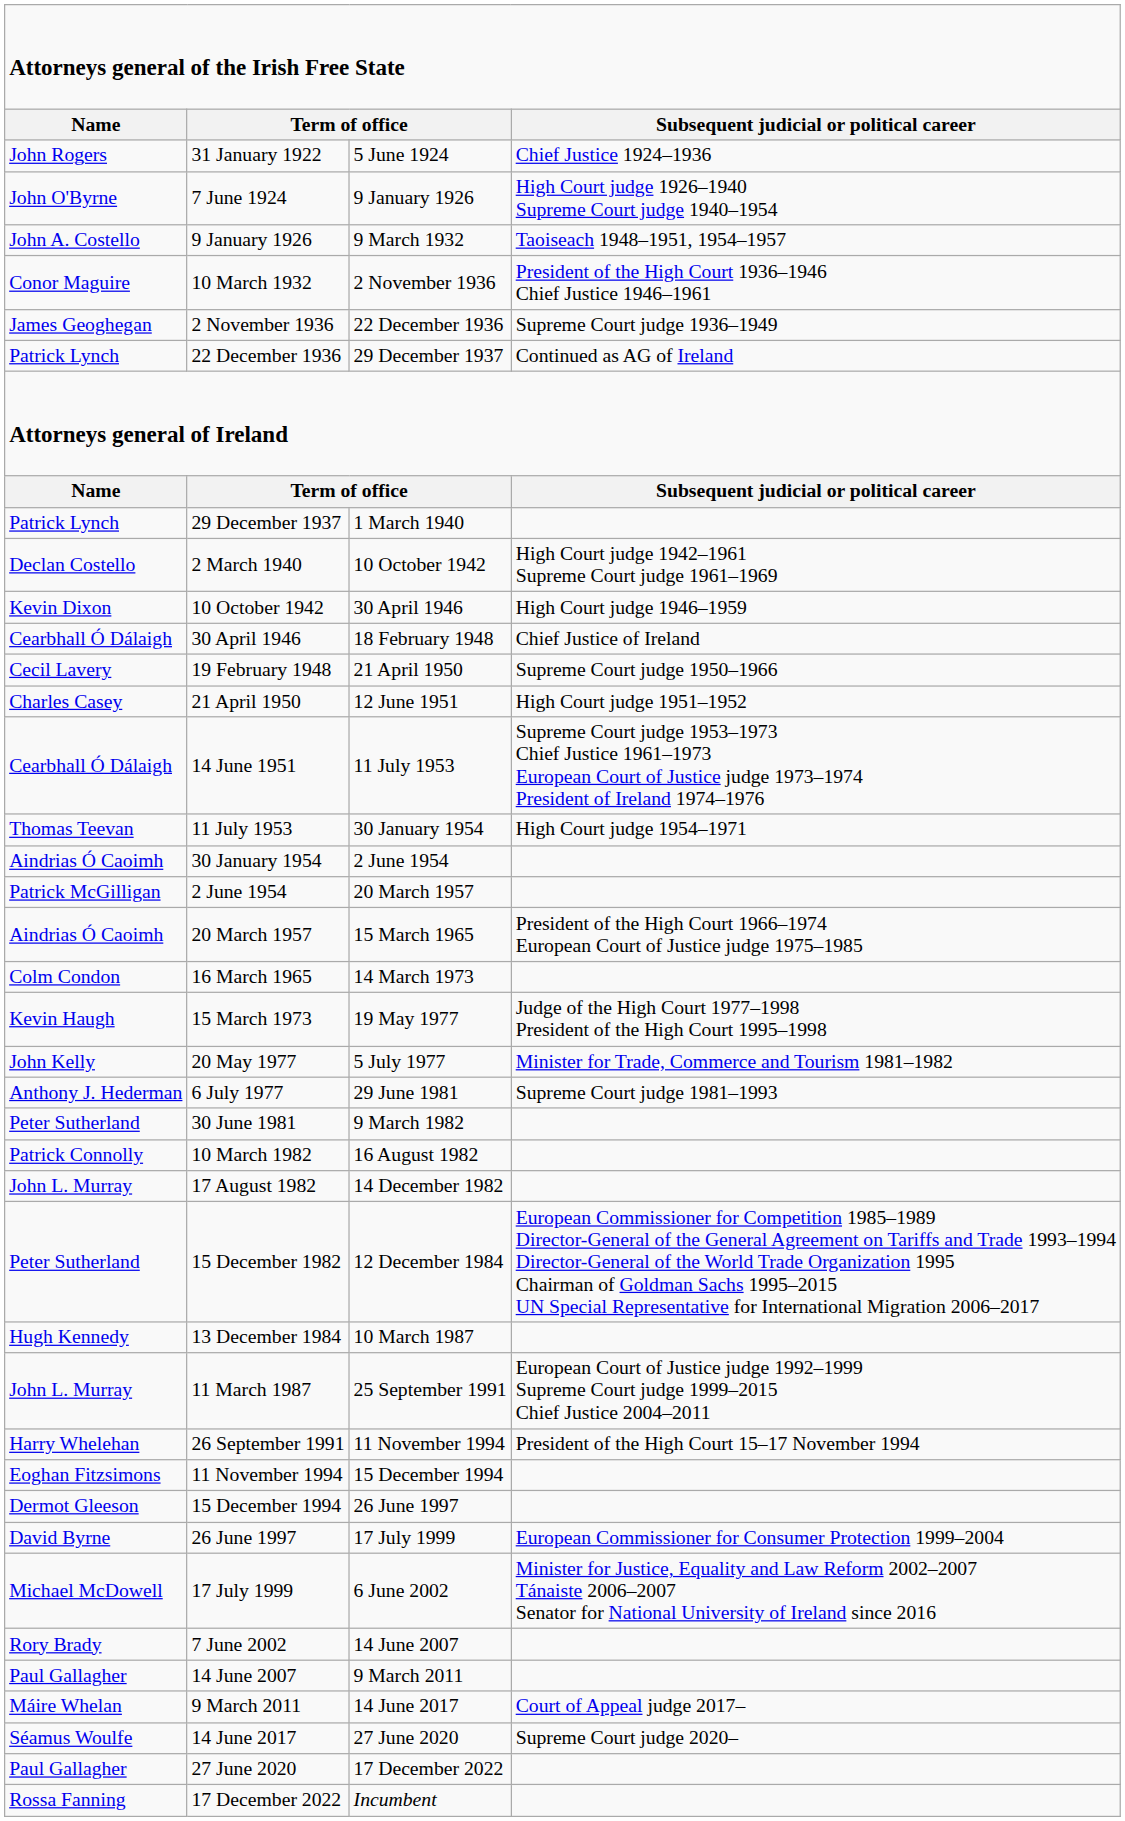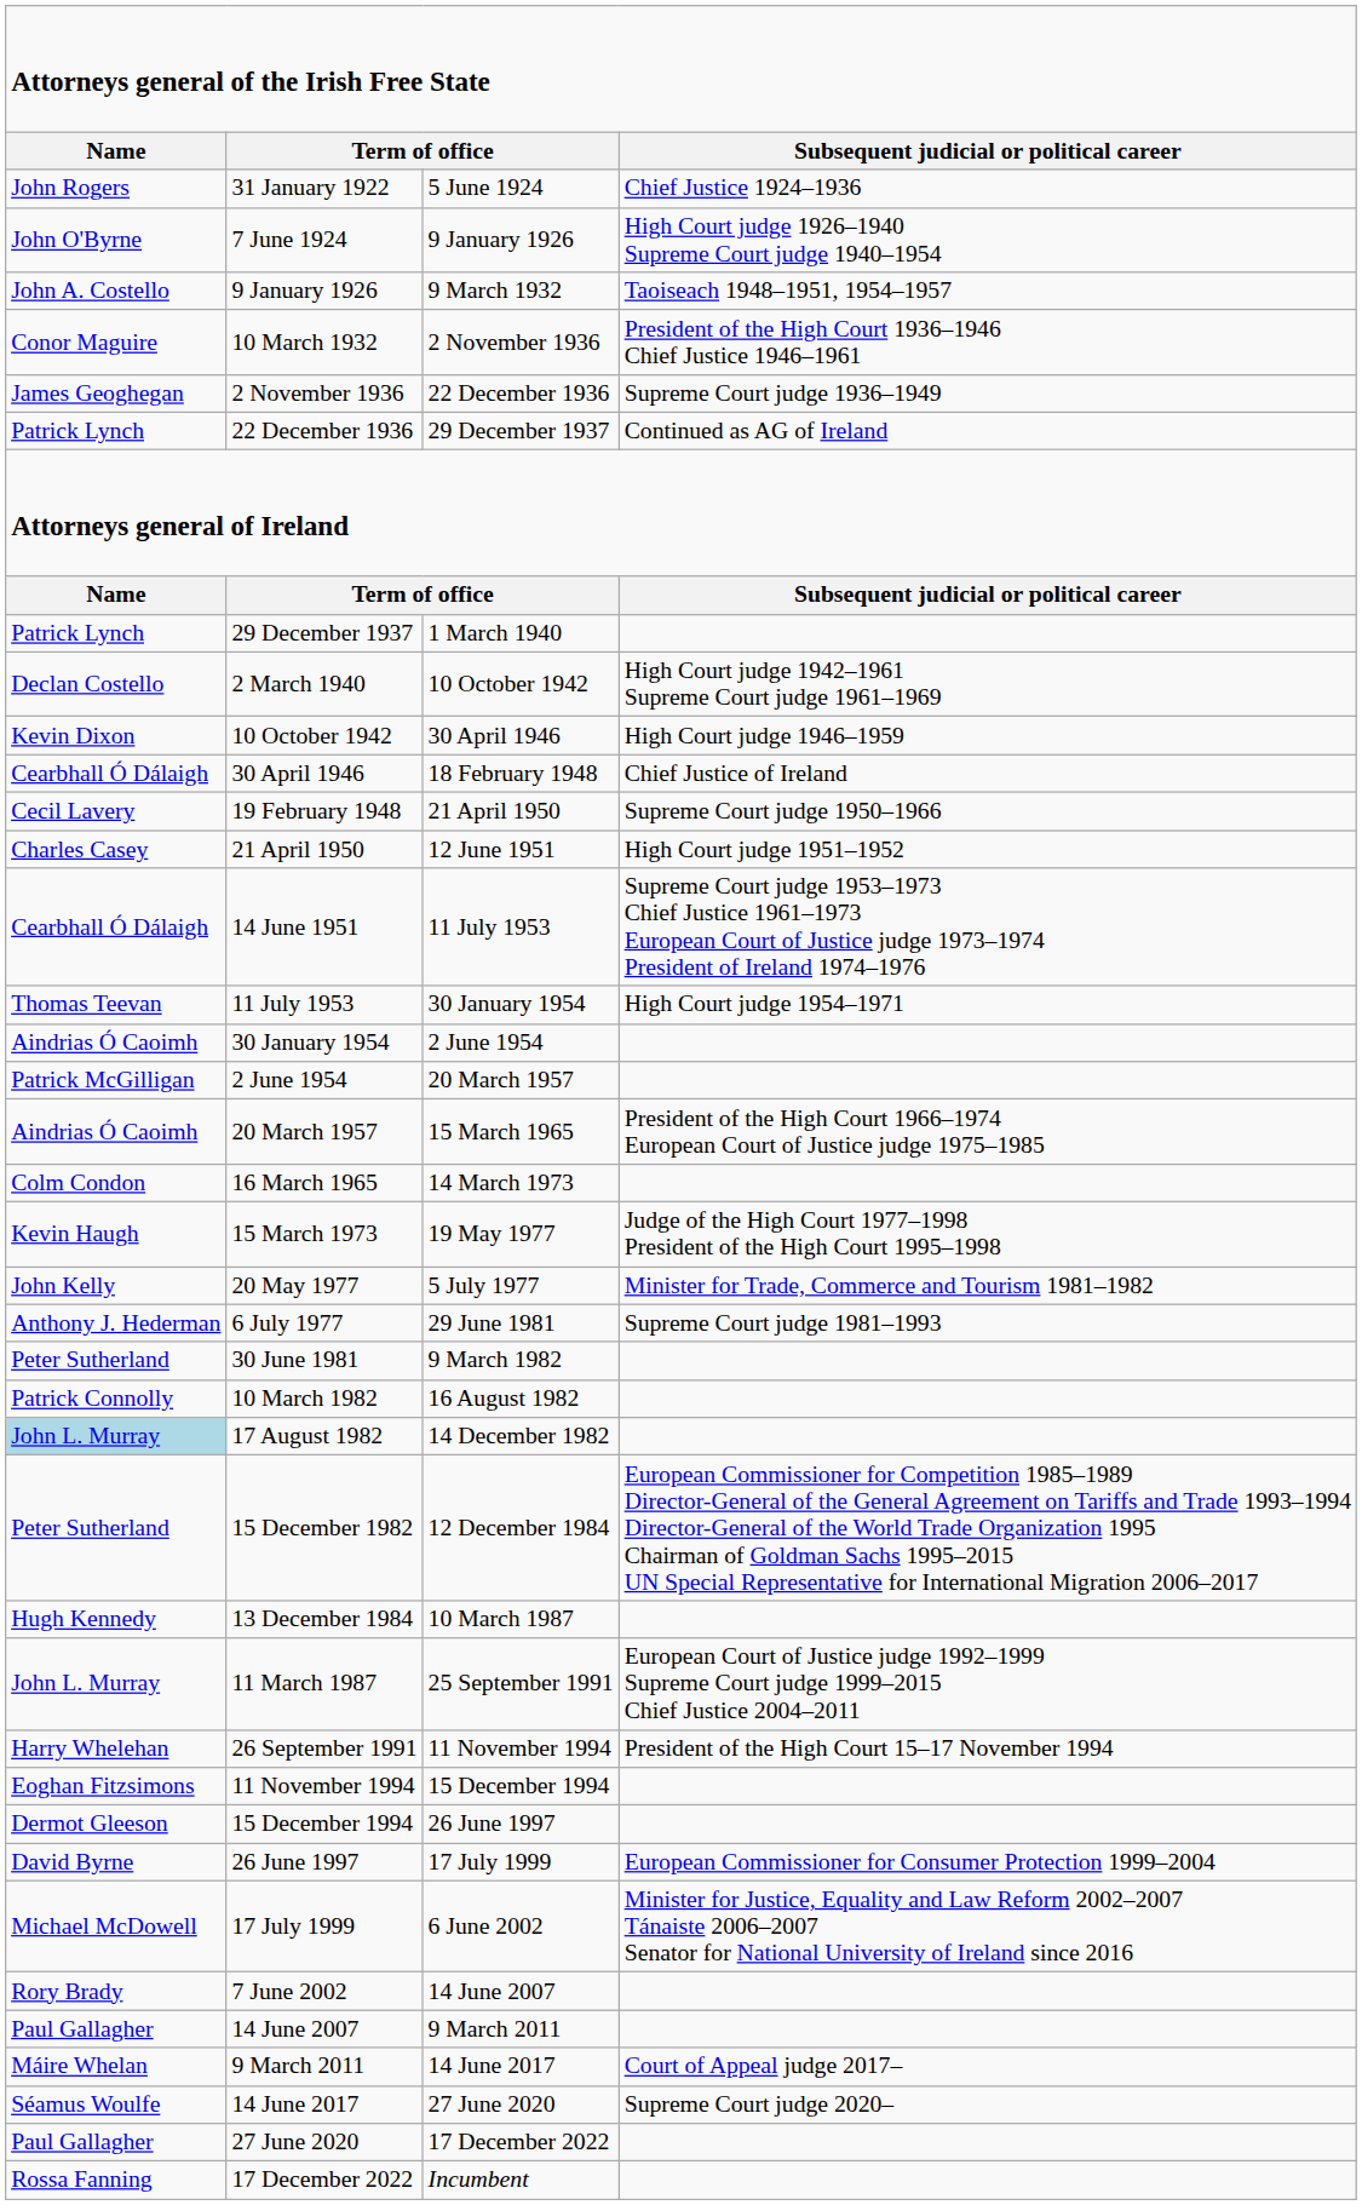 <table class ="wikitable">
 <tr>
 <td colspan=5><br><h3>Attorneys general of the Irish Free State</h3></td>
 </tr>
 <tr>
 <th>Name</th>
 <th colspan=2>Term of office</th>
 <th>Subsequent judicial or political career</th>
 </tr>
 <tr>
 <td><a href='#'>John Rogers</a></td>
 <td>31 January 1922</td>
 <td>5 June 1924</td>
 <td><a href='#'>Chief Justice</a> 1924–1936</td>
 </tr>
 <tr>
 <td><a href='#'>John O'Byrne</a></td>
 <td>7 June 1924</td>
 <td>9 January 1926</td>
 <td><a href='#'>High Court judge</a> 1926–1940<br><a href='#'>Supreme Court judge</a> 1940–1954</td>
 </tr>
 <tr>
 <td><a href='#'>John A. Costello</a></td>
 <td>9 January 1926</td>
 <td>9 March 1932</td>
 <td><a href='#'>Taoiseach</a> 1948–1951, 1954–1957</td>
 </tr>
 <tr>
 <td><a href='#'>Conor Maguire</a><br></td>
 <td>10 March 1932</td>
 <td>2 November 1936</td>
 <td><a href='#'>President of the High Court</a> 1936–1946<br>Chief Justice 1946–1961</td>
 </tr>
 <tr>
 <td><a href='#'>James Geoghegan</a><br></td>
 <td>2 November 1936</td>
 <td>22 December 1936</td>
 <td>Supreme Court judge 1936–1949</td>
 </tr>
 <tr>
 <td><a href='#'>Patrick Lynch</a></td>
 <td>22 December 1936</td>
 <td>29 December 1937</td>
 <td>Continued as AG of <a href='#'>Ireland</a></td>
 </tr>
 <tr>
 <td colspan=5><br><h3>Attorneys general of Ireland</h3></td>
 </tr>
 <tr>
 <th>Name</th>
 <th colspan=2>Term of office</th>
 <th>Subsequent judicial or political career</th>
 </tr>
 <tr>
 <td><a href='#'>Patrick Lynch</a></td>
 <td>29 December 1937</td>
 <td>1 March 1940</td>
 <td></td>
 </tr>
 <tr>
 <td><a href='#'>Declan Costello</a><br></td>
 <td>2 March 1940</td>
 <td>10 October 1942</td>
 <td>High Court judge 1942–1961<br>Supreme Court judge 1961–1969</td>
 </tr>
 <tr>
 <td><a href='#'>Kevin Dixon</a></td>
 <td>10 October 1942</td>
 <td>30 April 1946</td>
 <td>High Court judge 1946–1959</td>
 </tr>
 <tr>
 <td><a href='#'>Cearbhall Ó Dálaigh</a></td>
 <td>30 April 1946</td>
 <td>18 February 1948</td>
 <td>Chief Justice of Ireland</td>
 </tr>
 <tr>
 <td><a href='#'>Cecil Lavery</a><br></td>
 <td>19 February 1948</td>
 <td>21 April 1950</td>
 <td>Supreme Court judge 1950–1966</td>
 </tr>
 <tr>
 <td><a href='#'>Charles Casey</a></td>
 <td>21 April 1950</td>
 <td>12 June 1951</td>
 <td>High Court judge 1951–1952</td>
 </tr>
 <tr>
 <td><a href='#'>Cearbhall Ó Dálaigh</a><br></td>
 <td>14 June 1951</td>
 <td>11 July 1953</td>
 <td>Supreme Court judge 1953–1973<br>Chief Justice 1961–1973<br><a href='#'>European Court of Justice</a> judge 1973–1974<br><a href='#'>President of Ireland</a> 1974–1976</td>
 </tr>
 <tr>
 <td><a href='#'>Thomas Teevan</a></td>
 <td>11 July 1953</td>
 <td>30 January 1954</td>
 <td>High Court judge 1954–1971</td>
 </tr>
 <tr>
 <td><a href='#'>Aindrias Ó Caoimh</a></td>
 <td>30 January 1954</td>
 <td>2 June 1954</td>
 <td></td>
 </tr>
 <tr>
 <td><a href='#'>Patrick McGilligan</a><br></td>
 <td>2 June 1954</td>
 <td>20 March 1957</td>
 <td></td>
 </tr>
 <tr>
 <td><a href='#'>Aindrias Ó Caoimh</a><br></td>
 <td>20 March 1957</td>
 <td>15 March 1965</td>
 <td>President of the High Court 1966–1974<br>European Court of Justice judge 1975–1985</td>
 </tr>
 <tr>
 <td><a href='#'>Colm Condon</a></td>
 <td>16 March 1965</td>
 <td>14 March 1973</td>
 <td></td>
 </tr>
 <tr>
 <td><a href='#'>Kevin Haugh</a></td>
 <td>15 March 1973</td>
 <td>19 May 1977</td>
 <td>Judge of the High Court 1977–1998<br>President of the High Court 1995–1998</td>
 </tr>
 <tr>
 <td><a href='#'>John Kelly</a><br></td>
 <td>20 May 1977</td>
 <td>5 July 1977</td>
 <td><a href='#'>Minister for Trade, Commerce and Tourism</a> 1981–1982</td>
 </tr>
 <tr>
 <td><a href='#'>Anthony J. Hederman</a></td>
 <td>6 July 1977</td>
 <td>29 June 1981</td>
 <td>Supreme Court judge 1981–1993</td>
 </tr>
 <tr>
 <td><a href='#'>Peter Sutherland</a></td>
 <td>30 June 1981</td>
 <td>9 March 1982</td>
 <td></td>
 </tr>
 <tr>
 <td><a href='#'>Patrick Connolly</a></td>
 <td>10 March 1982</td>
 <td>16 August 1982</td>
 <td></td>
 </tr>
 <tr>
-<td><a href='#'>John L. Murray</a></td>
+<td style="background: lightblue;"><a href='#'>John L. Murray</a></td>
 <td>17 August 1982</td>
 <td>14 December 1982</td>
 <td></td>
 </tr>
 <tr>
 <td><a href='#'>Peter Sutherland</a><br></td>
 <td>15 December 1982</td>
 <td>12 December 1984</td>
 <td><a href='#'>European Commissioner for Competition</a> 1985–1989<br><a href='#'>Director-General of the General Agreement on Tariffs and Trade</a> 1993–1994<br><a href='#'>Director-General of the World Trade Organization</a> 1995<br>Chairman of <a href='#'>Goldman Sachs</a> 1995–2015<br><a href='#'>UN Special Representative</a> for International Migration 2006–2017</td>
 </tr>
 <tr>
 <td><a href='#'>Hugh Kennedy</a><br></td>
 <td>13 December 1984</td>
 <td>10 March 1987</td>
 <td></td>
 </tr>
 <tr>
 <td><a href='#'>John L. Murray</a><br></td>
 <td>11 March 1987</td>
 <td>25 September 1991</td>
 <td>European Court of Justice judge 1992–1999<br>Supreme Court judge 1999–2015<br>Chief Justice 2004–2011</td>
 </tr>
 <tr>
 <td><a href='#'>Harry Whelehan</a></td>
 <td>26 September 1991</td>
 <td>11 November 1994</td>
 <td>President of the High Court 15–17 November 1994</td>
 </tr>
 <tr>
 <td><a href='#'>Eoghan Fitzsimons</a></td>
 <td>11 November 1994</td>
 <td>15 December 1994</td>
 <td></td>
 </tr>
 <tr>
 <td><a href='#'>Dermot Gleeson</a></td>
 <td>15 December 1994</td>
 <td>26 June 1997</td>
 <td></td>
 </tr>
 <tr>
 <td><a href='#'>David Byrne</a></td>
 <td>26 June 1997</td>
 <td>17 July 1999</td>
 <td><a href='#'>European Commissioner for Consumer Protection</a> 1999–2004</td>
 </tr>
 <tr>
 <td><a href='#'>Michael McDowell</a></td>
 <td>17 July 1999</td>
 <td>6 June 2002</td>
 <td><a href='#'>Minister for Justice, Equality and Law Reform</a> 2002–2007<br><a href='#'>Tánaiste</a> 2006–2007<br>Senator for <a href='#'>National University of Ireland</a> since 2016</td>
 </tr>
 <tr>
 <td><a href='#'>Rory Brady</a></td>
 <td>7 June 2002</td>
 <td>14 June 2007</td>
 <td></td>
 </tr>
 <tr>
 <td><a href='#'>Paul Gallagher</a></td>
 <td>14 June 2007</td>
 <td>9 March 2011</td>
 <td></td>
 </tr>
 <tr>
 <td><a href='#'>Máire Whelan</a></td>
 <td>9 March 2011</td>
 <td>14 June 2017</td>
 <td><a href='#'>Court of Appeal</a> judge 2017–</td>
 </tr>
 <tr>
 <td><a href='#'>Séamus Woulfe</a></td>
 <td>14 June 2017</td>
 <td>27 June 2020</td>
 <td>Supreme Court judge 2020–</td>
 </tr>
 <tr>
 <td><a href='#'>Paul Gallagher</a><br></td>
 <td>27 June 2020</td>
 <td>17 December 2022</td>
 <td></td>
 </tr>
 <tr>
 <td><a href='#'>Rossa Fanning</a></td>
 <td>17 December 2022</td>
 <td><em>Incumbent</em></td>
 <td></td>
 </tr>
 </table>
